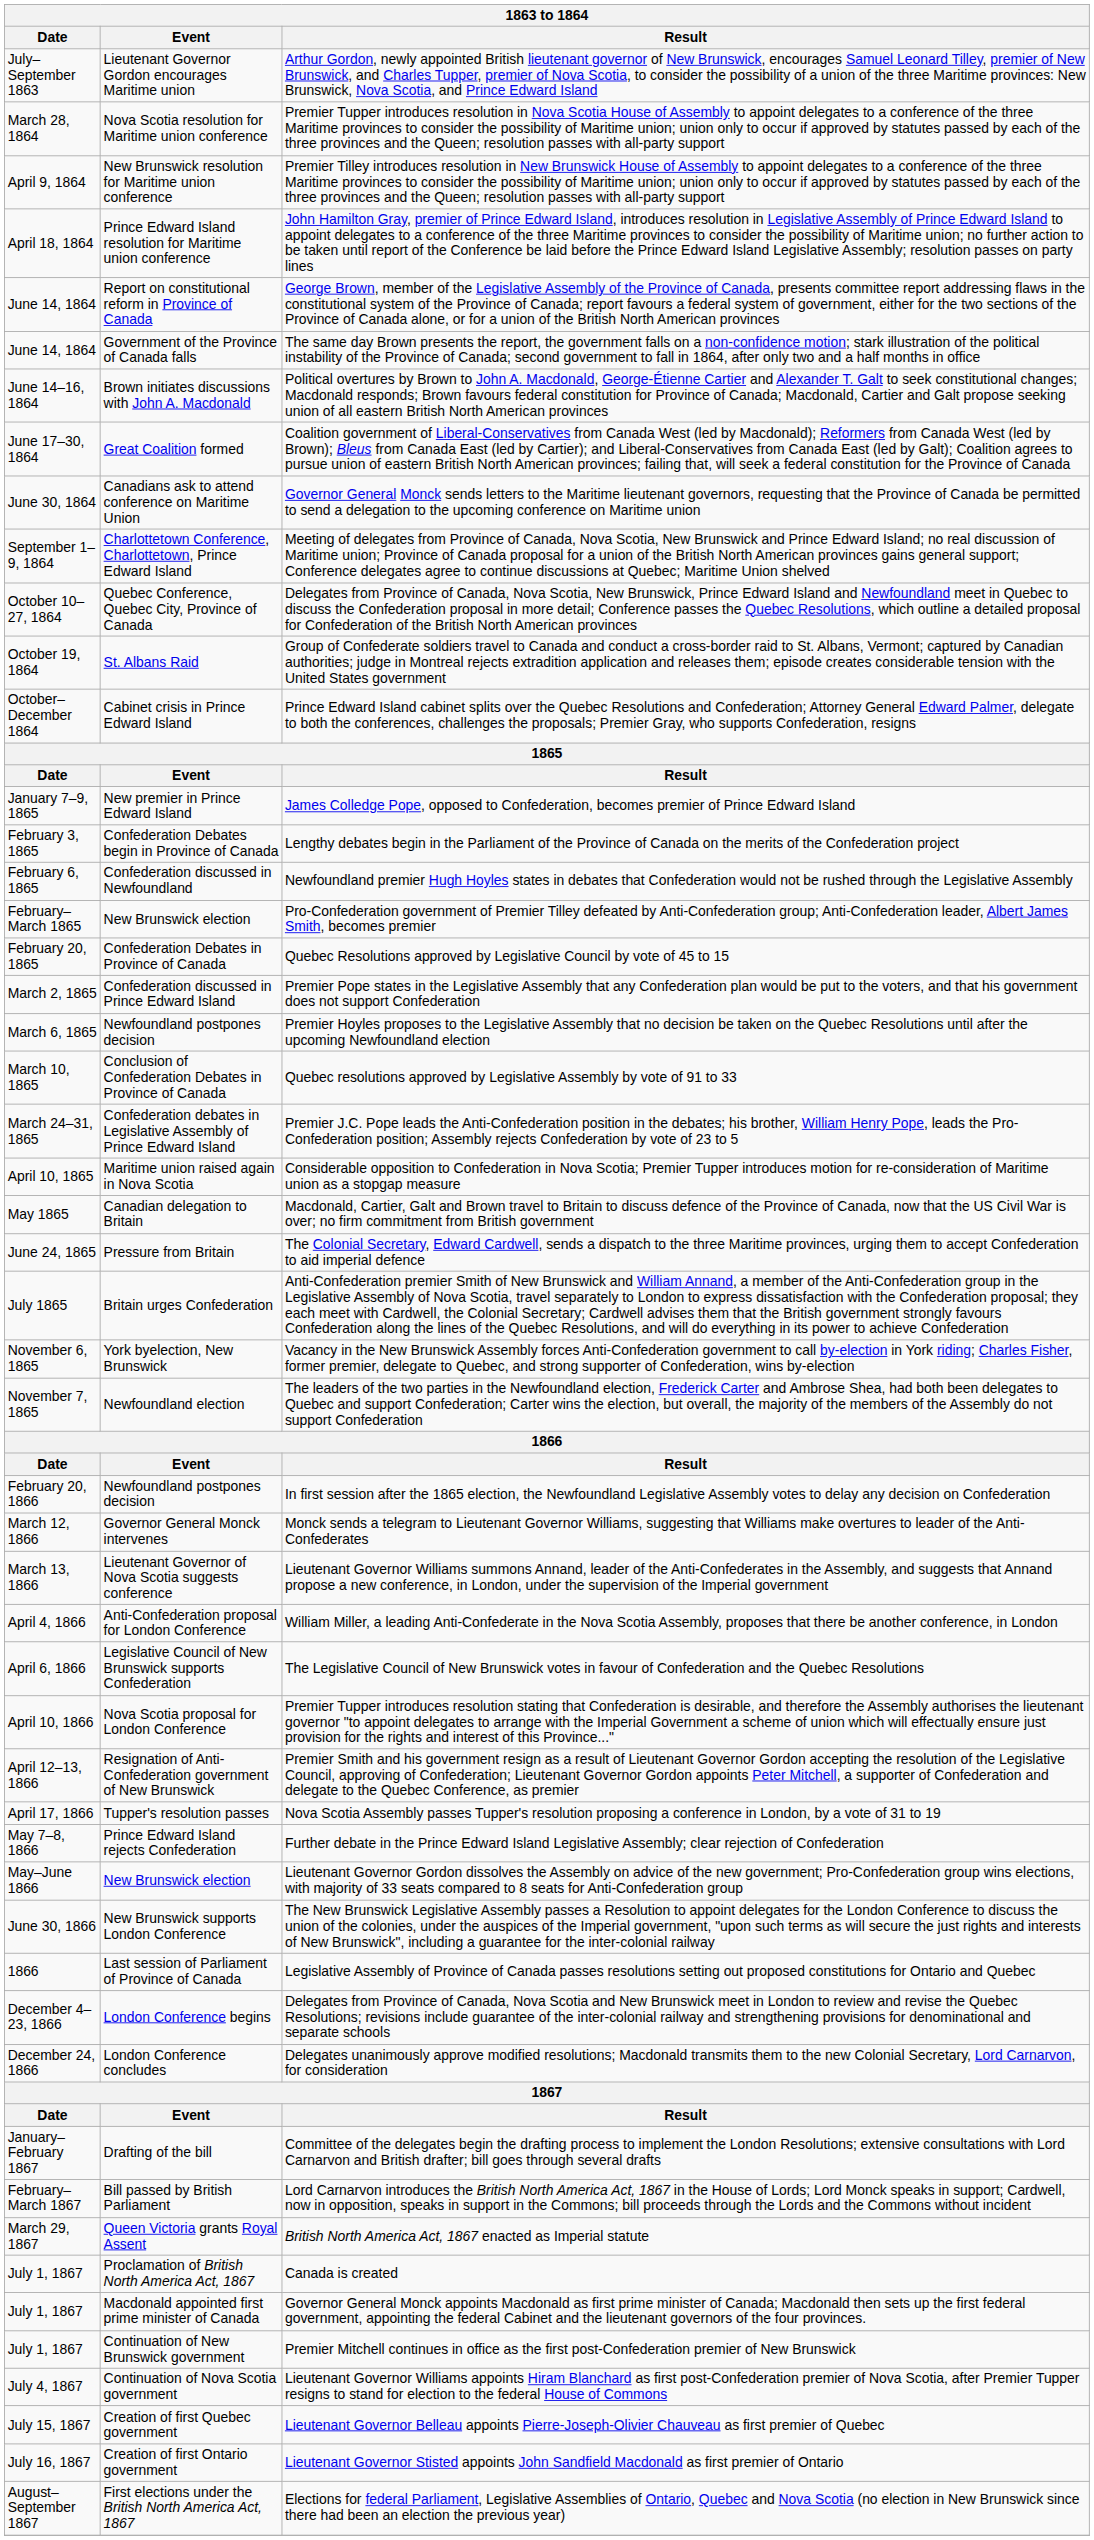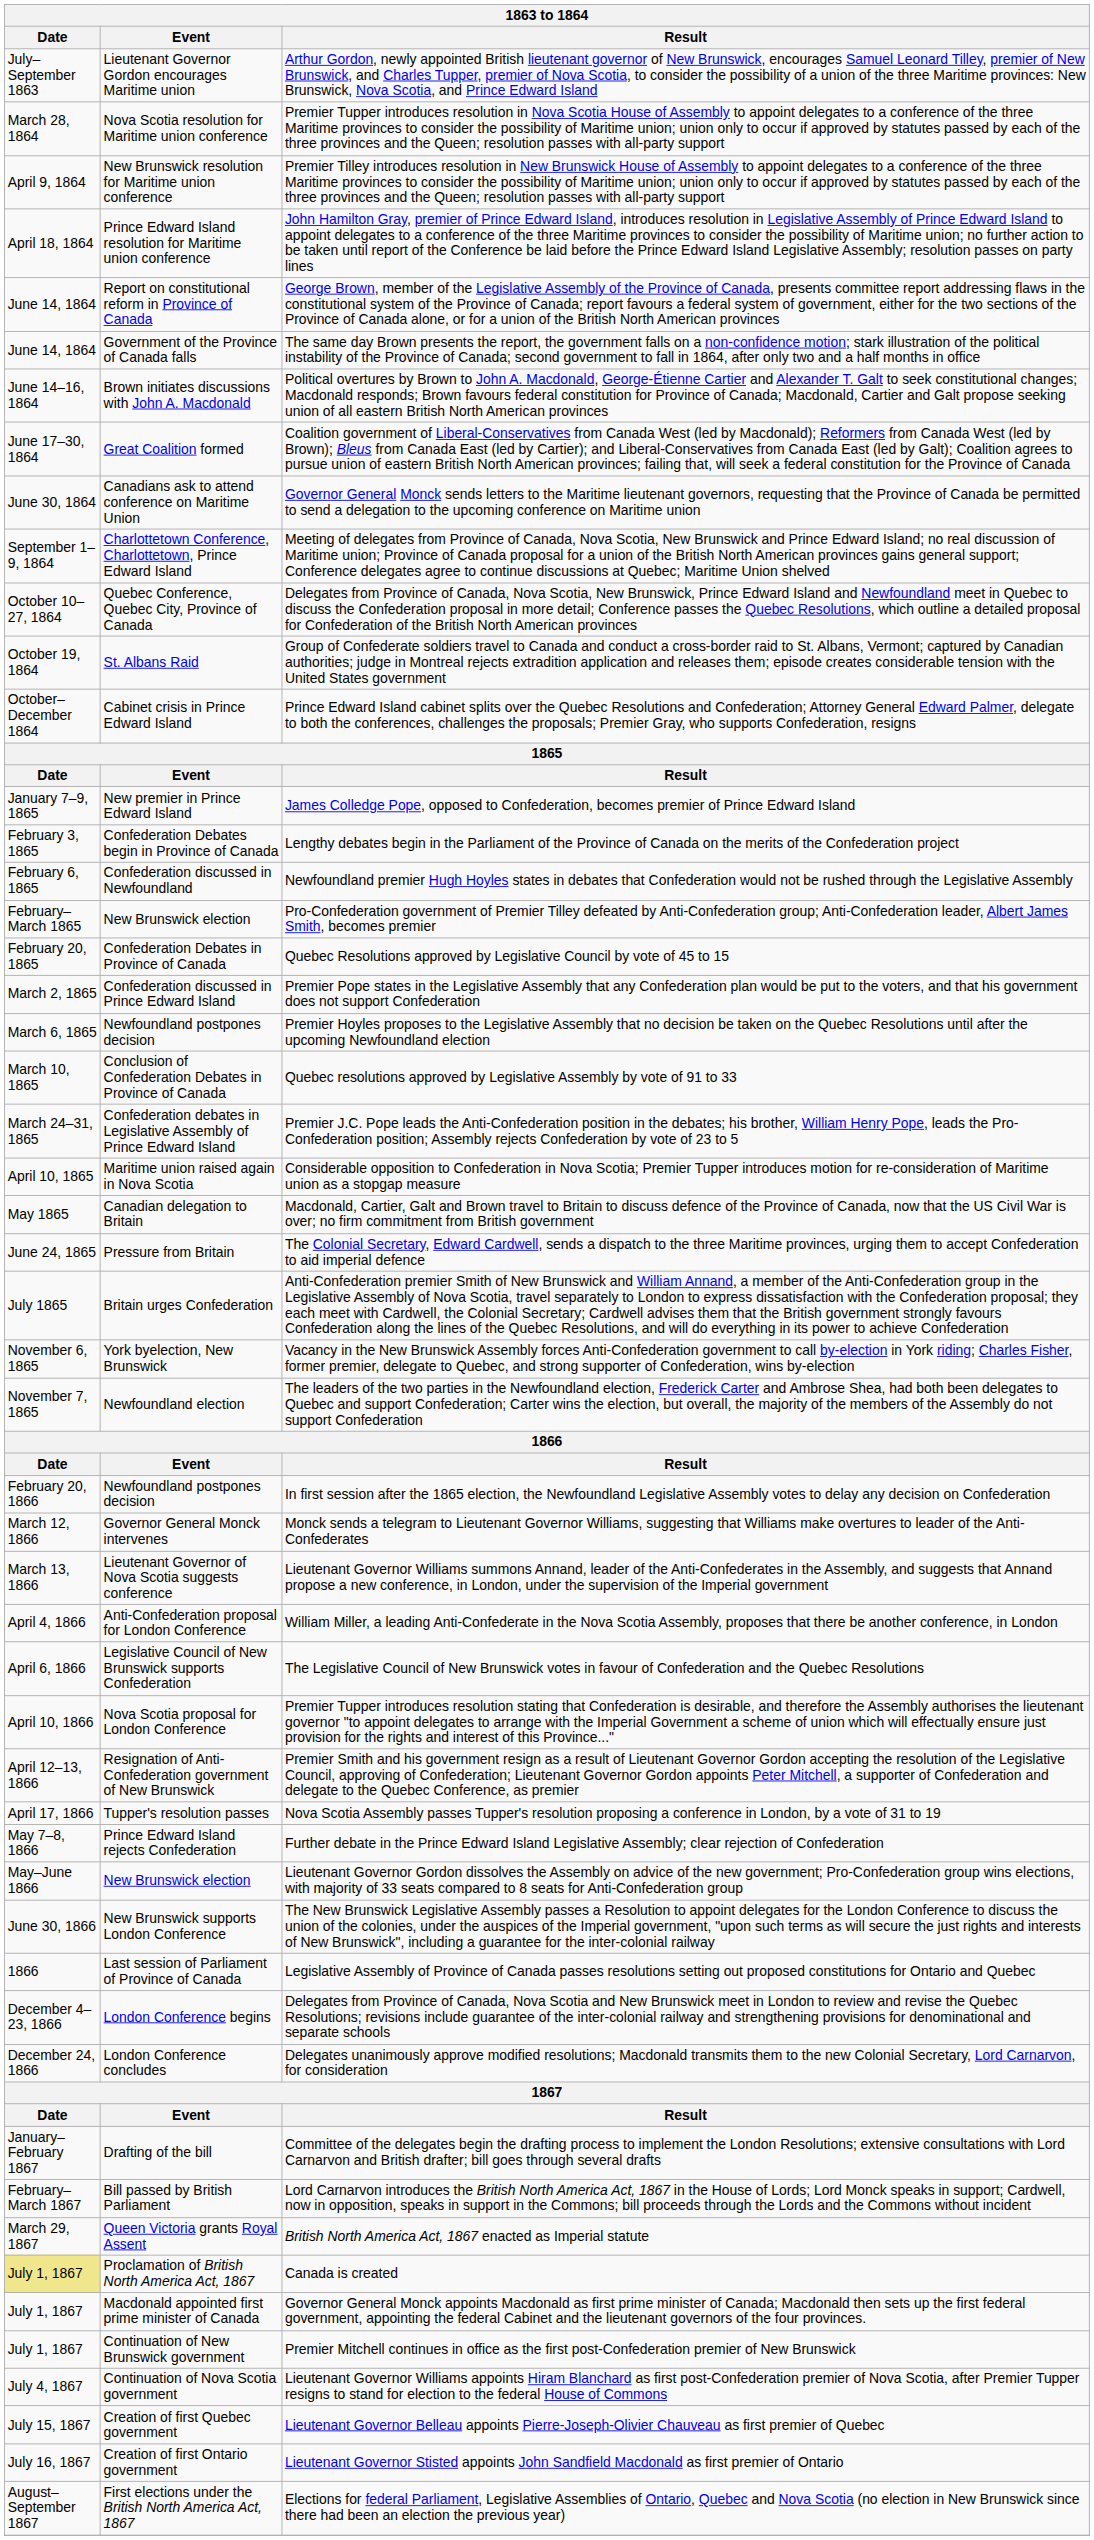 <table class="wikitable">
 <tr>
 <th colspan="3">1863 to 1864</th>
 </tr>
 <tr>
 <th>Date</th>
 <th>Event</th>
 <th>Result</th>
 </tr>
 <tr>
 <td>July–September 1863</td>
 <td>Lieutenant Governor Gordon encourages Maritime union</td>
 <td><a href='#'>Arthur Gordon</a>, newly appointed British <a href='#'>lieutenant governor</a> of <a href='#'>New Brunswick</a>, encourages <a href='#'>Samuel Leonard Tilley</a>, <a href='#'>premier of New Brunswick</a>, and <a href='#'>Charles Tupper</a>, <a href='#'>premier of Nova Scotia</a>, to consider the possibility of a union of the three Maritime provinces: New Brunswick, <a href='#'>Nova Scotia</a>, and <a href='#'>Prince Edward Island</a></td>
 </tr>
 <tr>
 <td>March 28, 1864</td>
 <td>Nova Scotia resolution for Maritime union conference</td>
 <td>Premier Tupper introduces resolution in <a href='#'>Nova Scotia House of Assembly</a> to appoint delegates to a conference of the three Maritime provinces to consider the possibility of Maritime union; union only to occur if approved by statutes passed by each of the three provinces and the Queen; resolution passes with all-party support</td>
 </tr>
 <tr>
 <td>April 9, 1864</td>
 <td>New Brunswick resolution for Maritime union conference</td>
 <td>Premier Tilley introduces resolution in <a href='#'>New Brunswick House of Assembly</a> to appoint delegates to a conference of the three Maritime provinces to consider the possibility of Maritime union; union only to occur if approved by statutes passed by each of the three provinces and the Queen; resolution passes with all-party support</td>
 </tr>
 <tr>
 <td>April 18, 1864</td>
 <td>Prince Edward Island resolution for Maritime union conference</td>
 <td><a href='#'>John Hamilton Gray</a>, <a href='#'>premier of Prince Edward Island</a>, introduces resolution in <a href='#'>Legislative Assembly of Prince Edward Island</a> to appoint delegates to a conference of the three Maritime provinces to consider the possibility of Maritime union; no further action to be taken until report of the Conference be laid before the Prince Edward Island Legislative Assembly; resolution passes on party lines</td>
 </tr>
 <tr>
 <td>June 14, 1864</td>
 <td>Report on constitutional reform in <a href='#'>Province of Canada</a></td>
 <td><a href='#'>George Brown</a>, member of the <a href='#'>Legislative Assembly of the Province of Canada</a>, presents committee report addressing flaws in the constitutional system of the Province of Canada; report favours a federal system of government, either for the two sections of the Province of Canada alone, or for a union of the British North American provinces</td>
 </tr>
 <tr>
 <td>June 14, 1864</td>
 <td>Government of the Province of Canada falls</td>
 <td>The same day Brown presents the report, the government falls on a <a href='#'>non-confidence motion</a>; stark illustration of the political instability of the Province of Canada; second government to fall in 1864, after only two and a half months in office</td>
 </tr>
 <tr>
 <td>June 14–16, 1864</td>
 <td>Brown initiates discussions with <a href='#'>John A. Macdonald</a></td>
 <td>Political overtures by Brown to <a href='#'>John A. Macdonald</a>, <a href='#'>George-Étienne Cartier</a> and <a href='#'>Alexander T. Galt</a> to seek constitutional changes; Macdonald responds; Brown favours federal constitution for Province of Canada; Macdonald, Cartier and Galt propose seeking union of all eastern British North American provinces</td>
 </tr>
 <tr>
 <td>June 17–30, 1864</td>
 <td><a href='#'>Great Coalition</a> formed</td>
 <td>Coalition government of <a href='#'>Liberal-Conservatives</a> from Canada West (led by Macdonald); <a href='#'>Reformers</a> from Canada West (led by Brown); <em><a href='#'>Bleus</a></em> from Canada East (led by Cartier); and Liberal-Conservatives from Canada East (led by Galt); Coalition agrees to pursue union of eastern British North American provinces; failing that, will seek a federal constitution for the Province of Canada</td>
 </tr>
 <tr>
 <td>June 30, 1864</td>
 <td>Canadians ask to attend conference on Maritime Union</td>
 <td><a href='#'>Governor General</a> <a href='#'>Monck</a> sends letters to the Maritime lieutenant governors, requesting that the Province of Canada be permitted to send a delegation to the upcoming conference on Maritime union</td>
 </tr>
 <tr>
 <td>September 1–9, 1864</td>
 <td><a href='#'>Charlottetown Conference</a>, <a href='#'>Charlottetown</a>, Prince Edward Island</td>
 <td>Meeting of delegates from Province of Canada, Nova Scotia, New Brunswick and Prince Edward Island; no real discussion of Maritime union; Province of Canada proposal for a union of the British North American provinces gains general support; Conference delegates agree to continue discussions at Quebec; Maritime Union shelved</td>
 </tr>
 <tr>
 <td>October 10–27, 1864</td>
 <td>Quebec Conference, Quebec City, Province of Canada</td>
 <td>Delegates from Province of Canada, Nova Scotia, New Brunswick, Prince Edward Island and <a href='#'>Newfoundland</a> meet in Quebec to discuss the Confederation proposal in more detail; Conference passes the <a href='#'>Quebec Resolutions</a>, which outline a detailed proposal for Confederation of the British North American provinces</td>
 </tr>
 <tr>
 <td>October 19, 1864</td>
 <td><a href='#'>St. Albans Raid</a></td>
 <td>Group of Confederate soldiers travel to Canada and conduct a cross-border raid to St. Albans, Vermont; captured by Canadian authorities; judge in Montreal rejects extradition application and releases them; episode creates considerable tension with the United States government</td>
 </tr>
 <tr>
 <td>October–December 1864</td>
 <td>Cabinet crisis in Prince Edward Island</td>
 <td>Prince Edward Island cabinet splits over the Quebec Resolutions and Confederation; Attorney General <a href='#'>Edward Palmer</a>, delegate to both the conferences, challenges the proposals; Premier Gray, who supports Confederation, resigns</td>
 </tr>
 <tr>
 <th colspan="3">1865</th>
 </tr>
 <tr>
 <th>Date</th>
 <th>Event</th>
 <th>Result</th>
 </tr>
 <tr>
 <td>January 7–9, 1865</td>
 <td>New premier in Prince Edward Island</td>
 <td><a href='#'>James Colledge Pope</a>, opposed to Confederation, becomes premier of Prince Edward Island</td>
 </tr>
 <tr>
 <td>February 3, 1865</td>
 <td>Confederation Debates begin in Province of Canada</td>
 <td>Lengthy debates begin in the Parliament of the Province of Canada on the merits of the Confederation project</td>
 </tr>
 <tr>
 <td>February 6, 1865</td>
 <td>Confederation discussed in Newfoundland</td>
 <td>Newfoundland premier <a href='#'>Hugh Hoyles</a> states in debates that Confederation would not be rushed through the Legislative Assembly</td>
 </tr>
 <tr>
 <td>February–March 1865</td>
 <td>New Brunswick election</td>
 <td>Pro-Confederation government of Premier Tilley defeated by Anti-Confederation group; Anti-Confederation leader, <a href='#'>Albert James Smith</a>, becomes premier</td>
 </tr>
 <tr>
 <td>February 20, 1865</td>
 <td>Confederation Debates in Province of Canada</td>
 <td>Quebec Resolutions approved by Legislative Council by vote of 45 to 15</td>
 </tr>
 <tr>
 <td>March 2, 1865</td>
 <td>Confederation discussed in Prince Edward Island</td>
 <td>Premier Pope states in the Legislative Assembly that any Confederation plan would be put to the voters, and that his government does not support Confederation</td>
 </tr>
 <tr>
 <td>March 6, 1865</td>
 <td>Newfoundland postpones decision</td>
 <td>Premier Hoyles proposes to the Legislative Assembly that no decision be taken on the Quebec Resolutions until after the upcoming Newfoundland election</td>
 </tr>
 <tr>
 <td>March 10, 1865</td>
 <td>Conclusion of Confederation Debates in Province of Canada</td>
 <td>Quebec resolutions approved by Legislative Assembly by vote of 91 to 33</td>
 </tr>
 <tr>
 <td>March 24–31, 1865</td>
 <td>Confederation debates in Legislative Assembly of Prince Edward Island</td>
 <td>Premier J.C. Pope leads the Anti-Confederation position in the debates; his brother, <a href='#'>William Henry Pope</a>, leads the Pro-Confederation position; Assembly rejects Confederation by vote of 23 to 5</td>
 </tr>
 <tr>
 <td>April 10, 1865</td>
 <td>Maritime union raised again in Nova Scotia</td>
 <td>Considerable opposition to Confederation in Nova Scotia; Premier Tupper introduces motion for re-consideration of Maritime union as a stopgap measure</td>
 </tr>
 <tr>
 <td>May 1865</td>
 <td>Canadian delegation to Britain</td>
 <td>Macdonald, Cartier, Galt and Brown travel to Britain to discuss defence of the Province of Canada, now that the US Civil War is over; no firm commitment from British government</td>
 </tr>
 <tr>
 <td>June 24, 1865</td>
 <td>Pressure from Britain</td>
 <td>The <a href='#'>Colonial Secretary</a>, <a href='#'>Edward Cardwell</a>, sends a dispatch to the three Maritime provinces, urging them to accept Confederation to aid imperial defence</td>
 </tr>
 <tr>
 <td>July 1865</td>
 <td>Britain urges Confederation</td>
 <td>Anti-Confederation premier Smith of New Brunswick and <a href='#'>William Annand</a>, a member of the Anti-Confederation group in the Legislative Assembly of Nova Scotia, travel separately to London to express dissatisfaction with the Confederation proposal; they each meet with Cardwell, the Colonial Secretary; Cardwell advises them that the British government strongly favours Confederation along the lines of the Quebec Resolutions, and will do everything in its power to achieve Confederation</td>
 </tr>
 <tr>
 <td>November 6, 1865</td>
 <td>York byelection, New Brunswick</td>
 <td>Vacancy in the New Brunswick Assembly forces Anti-Confederation government to call <a href='#'>by-election</a> in York <a href='#'>riding</a>; <a href='#'>Charles Fisher</a>, former premier, delegate to Quebec, and strong supporter of Confederation, wins by-election</td>
 </tr>
 <tr>
 <td>November 7, 1865</td>
 <td>Newfoundland election</td>
 <td>The leaders of the two parties in the Newfoundland election, <a href='#'>Frederick Carter</a> and Ambrose Shea, had both been delegates to Quebec and support Confederation; Carter wins the election, but overall, the majority of the members of the Assembly do not support Confederation</td>
 </tr>
 <tr>
 <th colspan="3">1866</th>
 </tr>
 <tr>
 <th>Date</th>
 <th>Event</th>
 <th>Result</th>
 </tr>
 <tr>
 <td>February 20, 1866</td>
 <td>Newfoundland postpones decision</td>
 <td>In first session after the 1865 election, the Newfoundland Legislative Assembly votes to delay any decision on Confederation</td>
 </tr>
 <tr>
 <td>March 12, 1866</td>
 <td>Governor General Monck intervenes</td>
 <td>Monck sends a telegram to Lieutenant Governor Williams, suggesting that Williams make overtures to leader of the Anti-Confederates</td>
 </tr>
 <tr>
 <td>March 13, 1866</td>
 <td>Lieutenant Governor of Nova Scotia suggests conference</td>
 <td>Lieutenant Governor Williams summons Annand, leader of the Anti-Confederates in the Assembly, and suggests that Annand propose a new conference, in London, under the supervision of the Imperial government</td>
 </tr>
 <tr>
 <td>April 4, 1866</td>
 <td>Anti-Confederation proposal for London Conference</td>
 <td>William Miller, a leading Anti-Confederate in the Nova Scotia Assembly, proposes that there be another conference, in London</td>
 </tr>
 <tr>
 <td>April 6, 1866</td>
 <td>Legislative Council of New Brunswick supports Confederation</td>
 <td>The Legislative Council of New Brunswick votes in favour of Confederation and the Quebec Resolutions</td>
 </tr>
 <tr>
 <td>April 10, 1866</td>
 <td>Nova Scotia proposal for London Conference</td>
 <td>Premier Tupper introduces resolution stating that Confederation is desirable, and therefore the Assembly authorises the lieutenant governor "to appoint delegates to arrange with the Imperial Government a scheme of union which will effectually ensure just provision for the rights and interest of this Province..."</td>
 </tr>
 <tr>
 <td>April 12–13, 1866</td>
 <td>Resignation of Anti-Confederation government of New Brunswick</td>
 <td>Premier Smith and his government resign as a result of Lieutenant Governor Gordon accepting the resolution of the Legislative Council, approving of Confederation; Lieutenant Governor Gordon appoints <a href='#'>Peter Mitchell</a>, a supporter of Confederation and delegate to the Quebec Conference, as premier</td>
 </tr>
 <tr>
 <td>April 17, 1866</td>
 <td>Tupper's resolution passes</td>
 <td>Nova Scotia Assembly passes Tupper's resolution proposing a conference in London, by a vote of 31 to 19</td>
 </tr>
 <tr>
 <td>May 7–8, 1866</td>
 <td>Prince Edward Island rejects Confederation</td>
 <td>Further debate in the Prince Edward Island Legislative Assembly; clear rejection of Confederation</td>
 </tr>
 <tr>
 <td>May–June 1866</td>
 <td><a href='#'>New Brunswick election</a></td>
 <td>Lieutenant Governor Gordon dissolves the Assembly on advice of the new government; Pro-Confederation group wins elections, with majority of 33 seats compared to 8 seats for Anti-Confederation group</td>
 </tr>
 <tr>
 <td>June 30, 1866</td>
 <td>New Brunswick supports London Conference</td>
 <td>The New Brunswick Legislative Assembly passes a Resolution to appoint delegates for the London Conference to discuss the union of the colonies, under the auspices of the Imperial government, "upon such terms as will secure the just rights and interests of New Brunswick", including a guarantee for the inter-colonial railway</td>
 </tr>
 <tr>
 <td>1866</td>
 <td>Last session of Parliament of Province of Canada</td>
 <td>Legislative Assembly of Province of Canada passes resolutions setting out proposed constitutions for Ontario and Quebec</td>
 </tr>
 <tr>
 <td>December 4–23, 1866</td>
 <td><a href='#'>London Conference</a> begins</td>
 <td>Delegates from Province of Canada, Nova Scotia and New Brunswick meet in London to review and revise the Quebec Resolutions; revisions include guarantee of the inter-colonial railway and strengthening provisions for denominational and separate schools</td>
 </tr>
 <tr>
 <td>December 24, 1866</td>
 <td>London Conference concludes</td>
 <td>Delegates unanimously approve modified resolutions; Macdonald transmits them to the new Colonial Secretary, <a href='#'>Lord Carnarvon</a>, for consideration</td>
 </tr>
 <tr>
 <th colspan="3">1867</th>
 </tr>
 <tr>
 <th>Date</th>
 <th>Event</th>
 <th>Result</th>
 </tr>
 <tr>
 <td>January–February 1867</td>
 <td>Drafting of the bill</td>
 <td>Committee of the delegates begin the drafting process to implement the London Resolutions; extensive consultations with Lord Carnarvon and British drafter; bill goes through several drafts</td>
 </tr>
 <tr>
 <td>February–March 1867</td>
 <td>Bill passed by British Parliament</td>
 <td>Lord Carnarvon introduces the <em>British North America Act, 1867</em> in the House of Lords; Lord Monck speaks in support; Cardwell, now in opposition, speaks in support in the Commons; bill proceeds through the Lords and the Commons without incident</td>
 </tr>
 <tr>
 <td>March 29, 1867</td>
 <td><a href='#'>Queen Victoria</a> grants <a href='#'>Royal Assent</a></td>
 <td><em>British North America Act, 1867</em> enacted as Imperial statute</td>
 </tr>
 <tr>
-<td>July 1, 1867</td>
+<td style="background: khaki;">July 1, 1867</td>
 <td>Proclamation of <em>British North America Act, 1867</em></td>
 <td>Canada is created</td>
 </tr>
 <tr>
 <td>July 1, 1867</td>
 <td>Macdonald appointed first prime minister of Canada</td>
 <td>Governor General Monck appoints Macdonald as first prime minister of Canada; Macdonald then sets up the first federal government, appointing the federal Cabinet and the lieutenant governors of the four provinces.</td>
 </tr>
 <tr>
 <td>July 1, 1867</td>
 <td>Continuation of New Brunswick government</td>
 <td>Premier Mitchell continues in office as the first post-Confederation premier of New Brunswick</td>
 </tr>
 <tr>
 <td>July 4, 1867</td>
 <td>Continuation of Nova Scotia government</td>
 <td>Lieutenant Governor Williams appoints <a href='#'>Hiram Blanchard</a> as first post-Confederation premier of Nova Scotia, after Premier Tupper resigns to stand for election to the federal <a href='#'>House of Commons</a></td>
 </tr>
 <tr>
 <td>July 15, 1867</td>
 <td>Creation of first Quebec government</td>
 <td><a href='#'>Lieutenant Governor Belleau</a> appoints <a href='#'>Pierre-Joseph-Olivier Chauveau</a> as first premier of Quebec</td>
 </tr>
 <tr>
 <td>July 16, 1867</td>
 <td>Creation of first Ontario government</td>
 <td><a href='#'>Lieutenant Governor Stisted</a> appoints <a href='#'>John Sandfield Macdonald</a> as first premier of Ontario</td>
 </tr>
 <tr>
 <td>August–September 1867</td>
 <td>First elections under the <em>British North America Act, 1867</em></td>
 <td>Elections for <a href='#'>federal Parliament</a>, Legislative Assemblies of <a href='#'>Ontario</a>, <a href='#'>Quebec</a> and <a href='#'>Nova Scotia</a> (no election in New Brunswick since there had been an election the previous year)</td>
 </tr>
 <tr>
 </tr>
 </table>
